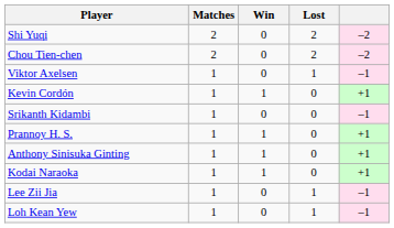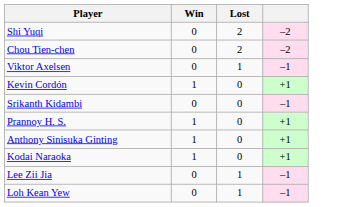 <table class=wikitable style="text-align:center; font-size:small">
 <tr>
 <th width="200">Player</th>
-<th width="50">Matches</th>
 <th width="50">Win</th>
 <th width="50">Lost</th>
 <th width="50"></th>
 </tr>
 <tr>
 <td align="left"> <a href='#'>Shi Yuqi</a></td>
-<td>2</td>
 <td>0</td>
 <td>2</td>
 <td bgcolor="#ffddee">–2</td>
 </tr>
 <tr>
 <td align="left"> <a href='#'>Chou Tien-chen</a></td>
-<td>2</td>
 <td>0</td>
 <td>2</td>
 <td bgcolor="#ffddee">–2</td>
 </tr>
 <tr>
 <td align="left"> <a href='#'>Viktor Axelsen</a></td>
-<td>1</td>
 <td>0</td>
 <td>1</td>
 <td bgcolor="#ffddee">–1</td>
 </tr>
 <tr>
 <td align="left"> <a href='#'>Kevin Cordón</a></td>
 <td>1</td>
-<td>1</td>
 <td>0</td>
 <td bgcolor="#ccffcc">+1</td>
 </tr>
 <tr>
 <td align="left"> <a href='#'>Srikanth Kidambi</a></td>
-<td>1</td>
 <td>0</td>
 <td>0</td>
 <td bgcolor="#ffddee">–1</td>
 </tr>
 <tr>
 <td align="left"> <a href='#'>Prannoy H. S.</a></td>
 <td>1</td>
-<td>1</td>
 <td>0</td>
 <td bgcolor="#ccffcc">+1</td>
 </tr>
 <tr>
 <td align="left"> <a href='#'>Anthony Sinisuka Ginting</a></td>
-<td>1</td>
 <td>1</td>
 <td>0</td>
 <td bgcolor="#ccffcc">+1</td>
 </tr>
 <tr>
 <td align="left"> <a href='#'>Kodai Naraoka</a></td>
 <td>1</td>
-<td>1</td>
 <td>0</td>
 <td bgcolor="#ccffcc">+1</td>
 </tr>
 <tr>
 <td align="left"> <a href='#'>Lee Zii Jia</a></td>
-<td>1</td>
 <td>0</td>
 <td>1</td>
 <td bgcolor="#ffddee">–1</td>
 </tr>
 <tr>
 <td align="left"> <a href='#'>Loh Kean Yew</a></td>
-<td>1</td>
 <td>0</td>
 <td>1</td>
 <td bgcolor="#ffddee">–1</td>
 </tr>
 </table>
